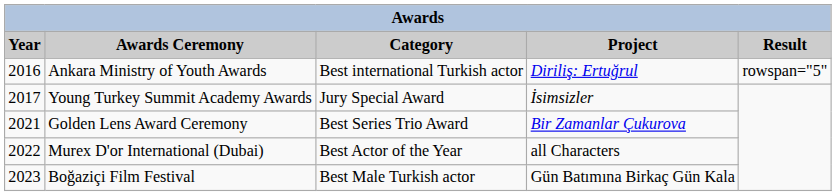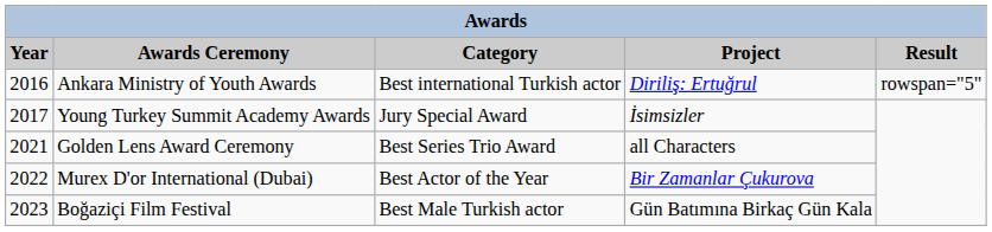 <table class="wikitable" style="font-size:90%">
 <tr>
 <th colspan=5 style="background:LightSteelBlue">Awards</th>
 </tr>
 <tr>
 <th style="background:#CCCCCC">Year</th>
 <th style="background:#CCCCCC">Awards Ceremony</th>
 <th style="background:#CCCCCC">Category</th>
 <th style="background:#CCCCCC">Project</th>
 <th style="background:#CCCCCC">Result</th>
 </tr>
 <tr>
 <td>2016</td>
 <td>Ankara Ministry of Youth Awards</td>
 <td>Best international Turkish actor</td>
 <td><em><a href='#'>Diriliş: Ertuğrul</a></em></td>
 <td>rowspan="5" </td>
 </tr>
 <tr>
 <td>2017</td>
 <td>Young Turkey Summit Academy Awards</td>
 <td>Jury Special Award</td>
 <td><em>İsimsizler</em></td>
 </tr>
 <tr>
 <td>2021</td>
 <td>Golden Lens Award Ceremony</td>
 <td>Best Series Trio Award</td>
-<td><em><a href='#'>Bir Zamanlar Çukurova</a></em></td>
+<td>all Characters</td>
 </tr>
 <tr>
 <td>2022</td>
 <td>Murex D'or International  (Dubai)</td>
 <td>Best Actor of the Year</td>
-<td>all Characters</td>
+<td><em><a href='#'>Bir Zamanlar Çukurova</a></em></td>
 </tr>
 <tr>
 <td>2023</td>
 <td>Boğaziçi Film Festival</td>
 <td>Best Male Turkish actor</td>
 <td>Gün Batımına Birkaç Gün Kala</td>
 </tr>
 </table>
